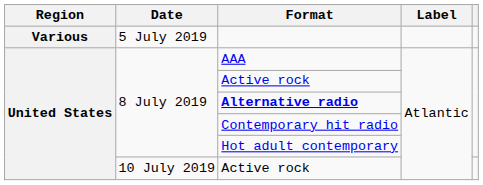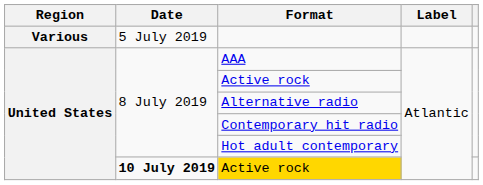 <table class="wikitable plainrowheaders">
 <tr>
 <th scope="col">Region</th>
 <th scope="col">Date</th>
 <th scope="col">Format</th>
 <th scope="col">Label</th>
 <th scope="col"></th>
 </tr>
 <tr>
 <th scope="row">Various</th>
 <td>5 July 2019</td>
 <td></td>
 <td></td>
 <td align="center"></td>
 </tr>
 <tr>
 <th scope="row" rowspan="6">United States</th>
 <td rowspan="5">8 July 2019</td>
 <td><a href='#'>AAA</a></td>
 <td rowspan="6">Atlantic</td>
 <td align="center" rowspan="5"></td>
 </tr>
 <tr>
 <td><a href='#'>Active rock</a></td>
 </tr>
 <tr>
-<td><strong><a href='#'>Alternative radio</a></strong></td>
+<td><a href='#'>Alternative radio</a></td>
 </tr>
 <tr>
 <td><a href='#'>Contemporary hit radio</a></td>
 </tr>
 <tr>
 <td><a href='#'>Hot adult contemporary</a></td>
 </tr>
 <tr>
-<td>10 July 2019</td>
-<td>Active rock</td>
+<td><strong>10 July 2019</strong></td>
+<td style="background: gold;">Active rock</td>
 <td align="center"></td>
 </tr>
 </table>
